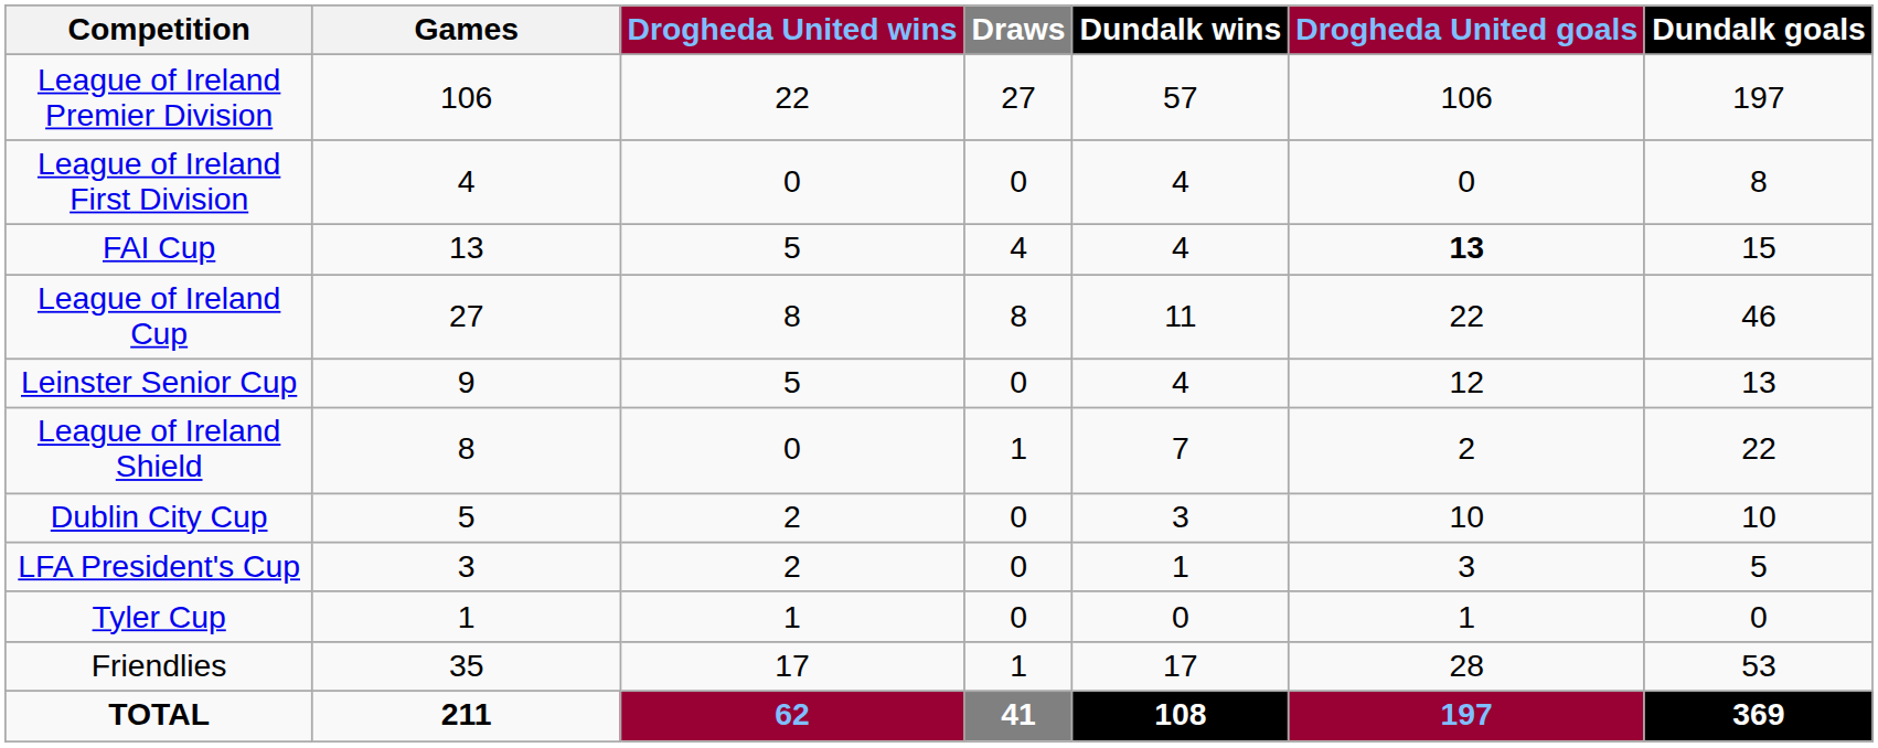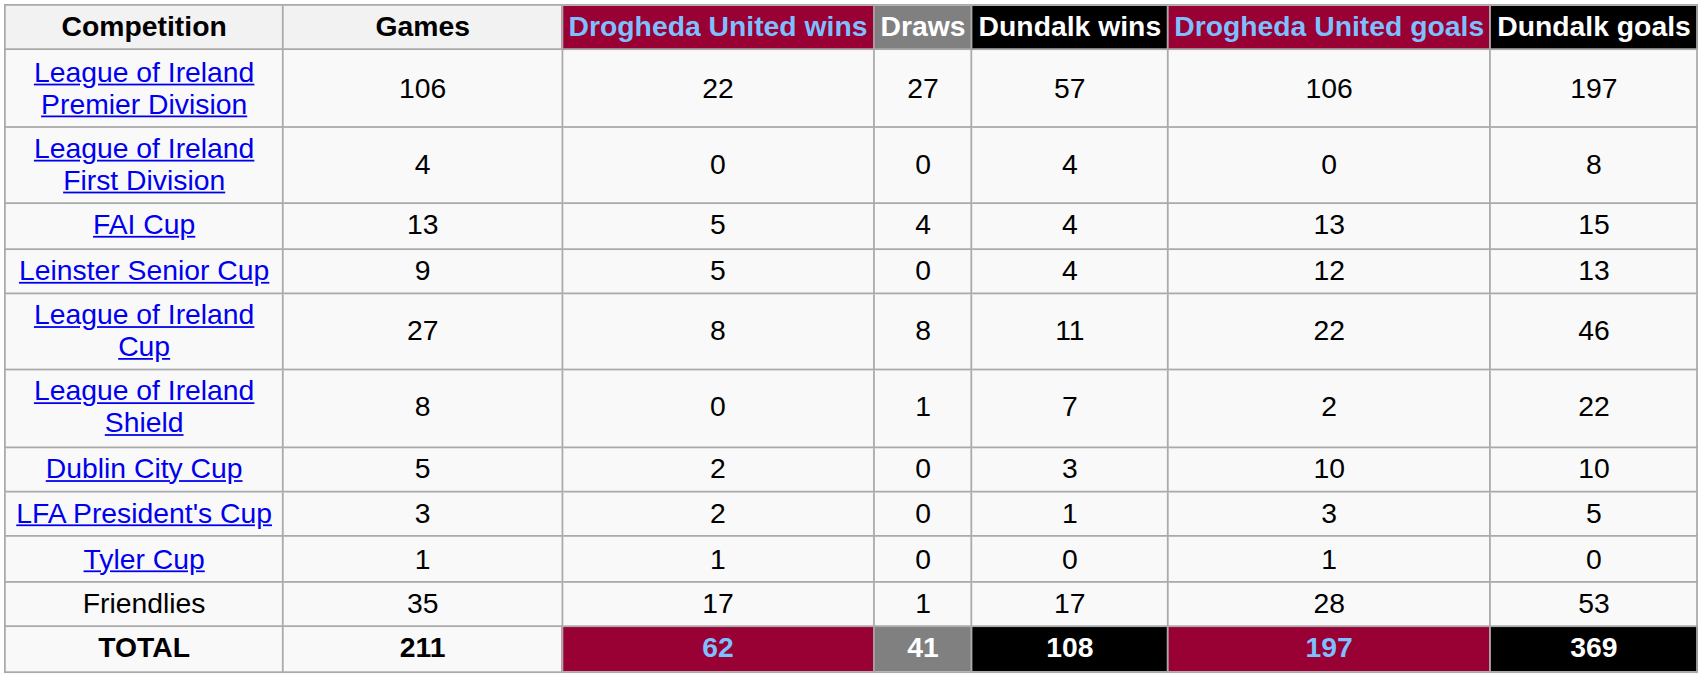 <table class="wikitable" style="text-align:center">
 <tr>
 <th width=150>Competition</th>
 <th width=150>Games</th>
 <th style="background:#990033;color:#7EBFFF;">Drogheda United wins</th>
 <th style="background:#808080;color:white;">Draws</th>
 <th style="background:black;color:white;">Dundalk wins</th>
 <th style="background:#990033;color:#7EBFFF;">Drogheda United goals</th>
 <th style="background:black;color:white;">Dundalk goals</th>
 </tr>
 <tr>
 <td><a href='#'>League of Ireland Premier Division</a></td>
 <td>106</td>
 <td>22</td>
 <td>27</td>
 <td>57</td>
 <td>106</td>
 <td>197</td>
 </tr>
 <tr>
 <td><a href='#'>League of Ireland First Division</a></td>
 <td>4</td>
 <td>0</td>
 <td>0</td>
 <td>4</td>
 <td>0</td>
 <td>8</td>
 </tr>
 <tr>
 <td><a href='#'>FAI Cup</a></td>
 <td>13</td>
 <td>5</td>
 <td>4</td>
 <td>4</td>
-<td><strong>13</strong></td>
+<td>13</td>
 <td>15</td>
+</tr>
+<tr>
+<td><a href='#'>Leinster Senior Cup</a></td>
+<td>9</td>
+<td>5</td>
+<td>0</td>
+<td>4</td>
+<td>12</td>
+<td>13</td>
 </tr>
 <tr>
 <td><a href='#'>League of Ireland Cup</a></td>
 <td>27</td>
 <td>8</td>
 <td>8</td>
 <td>11</td>
 <td>22</td>
 <td>46</td>
-</tr>
-<tr>
-<td><a href='#'>Leinster Senior Cup</a></td>
-<td>9</td>
-<td>5</td>
-<td>0</td>
-<td>4</td>
-<td>12</td>
-<td>13</td>
 </tr>
 <tr>
 <td><a href='#'>League of Ireland Shield</a></td>
 <td>8</td>
 <td>0</td>
 <td>1</td>
 <td>7</td>
 <td>2</td>
 <td>22</td>
 </tr>
 <tr>
 <td><a href='#'>Dublin City Cup</a></td>
 <td>5</td>
 <td>2</td>
 <td>0</td>
 <td>3</td>
 <td>10</td>
 <td>10</td>
 </tr>
 <tr>
 <td><a href='#'>LFA President's Cup</a></td>
 <td>3</td>
 <td>2</td>
 <td>0</td>
 <td>1</td>
 <td>3</td>
 <td>5</td>
 </tr>
 <tr>
 <td><a href='#'>Tyler Cup</a></td>
 <td>1</td>
 <td>1</td>
 <td>0</td>
 <td>0</td>
 <td>1</td>
 <td>0</td>
 </tr>
 <tr>
 <td>Friendlies</td>
 <td>35</td>
 <td>17</td>
 <td>1</td>
 <td>17</td>
 <td>28</td>
 <td>53</td>
 </tr>
 <tr>
 <td><strong>TOTAL</strong></td>
 <td><strong>211</strong></td>
 <td style="background:#990033;color:#7EBFFF;"><strong>62</strong></td>
 <td style="background:#808080;color:white;"><strong>41</strong></td>
 <td style="background:black;color:white;"><strong>108</strong></td>
 <td style="background:#990033;color:#7EBFFF;"><strong>197</strong></td>
 <td style="background:black;color:white;"><strong>369</strong></td>
 </tr>
 </table>
